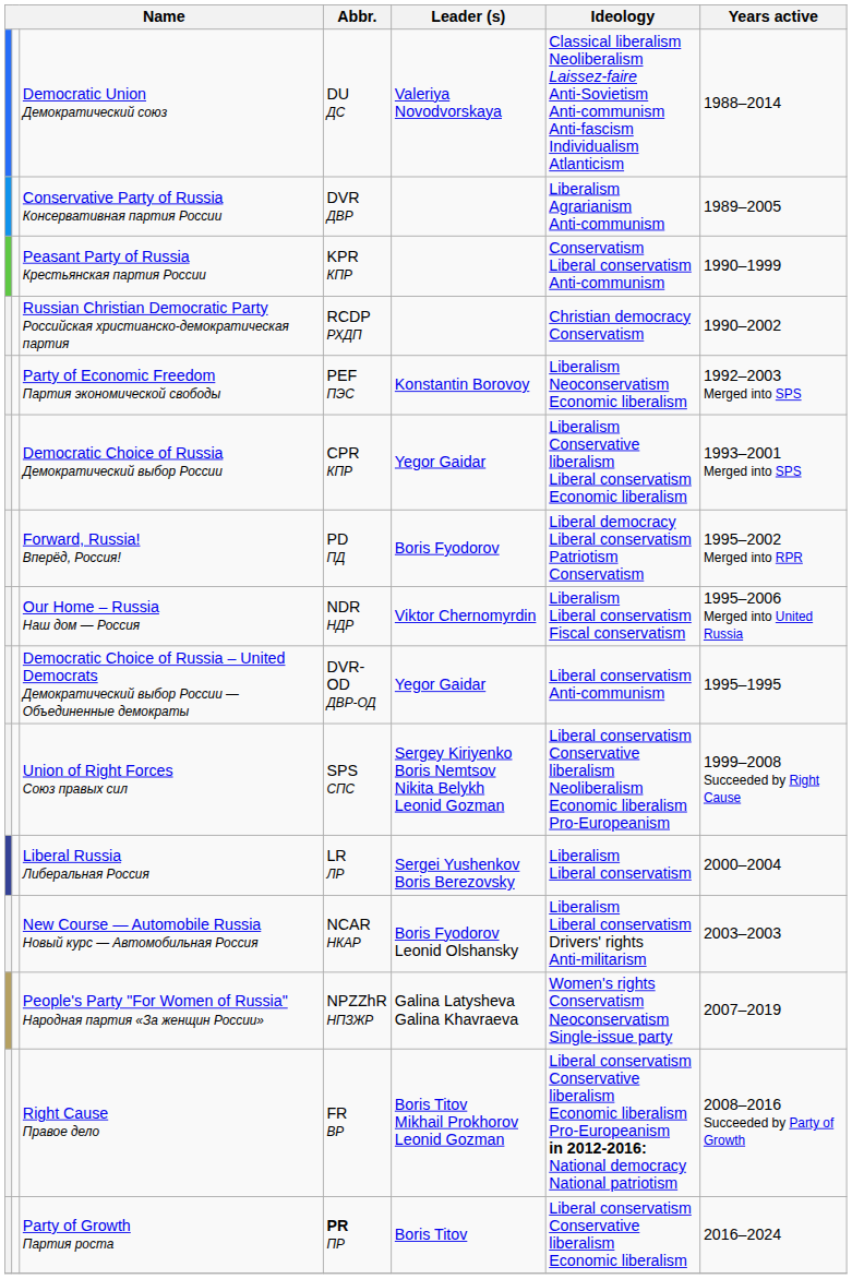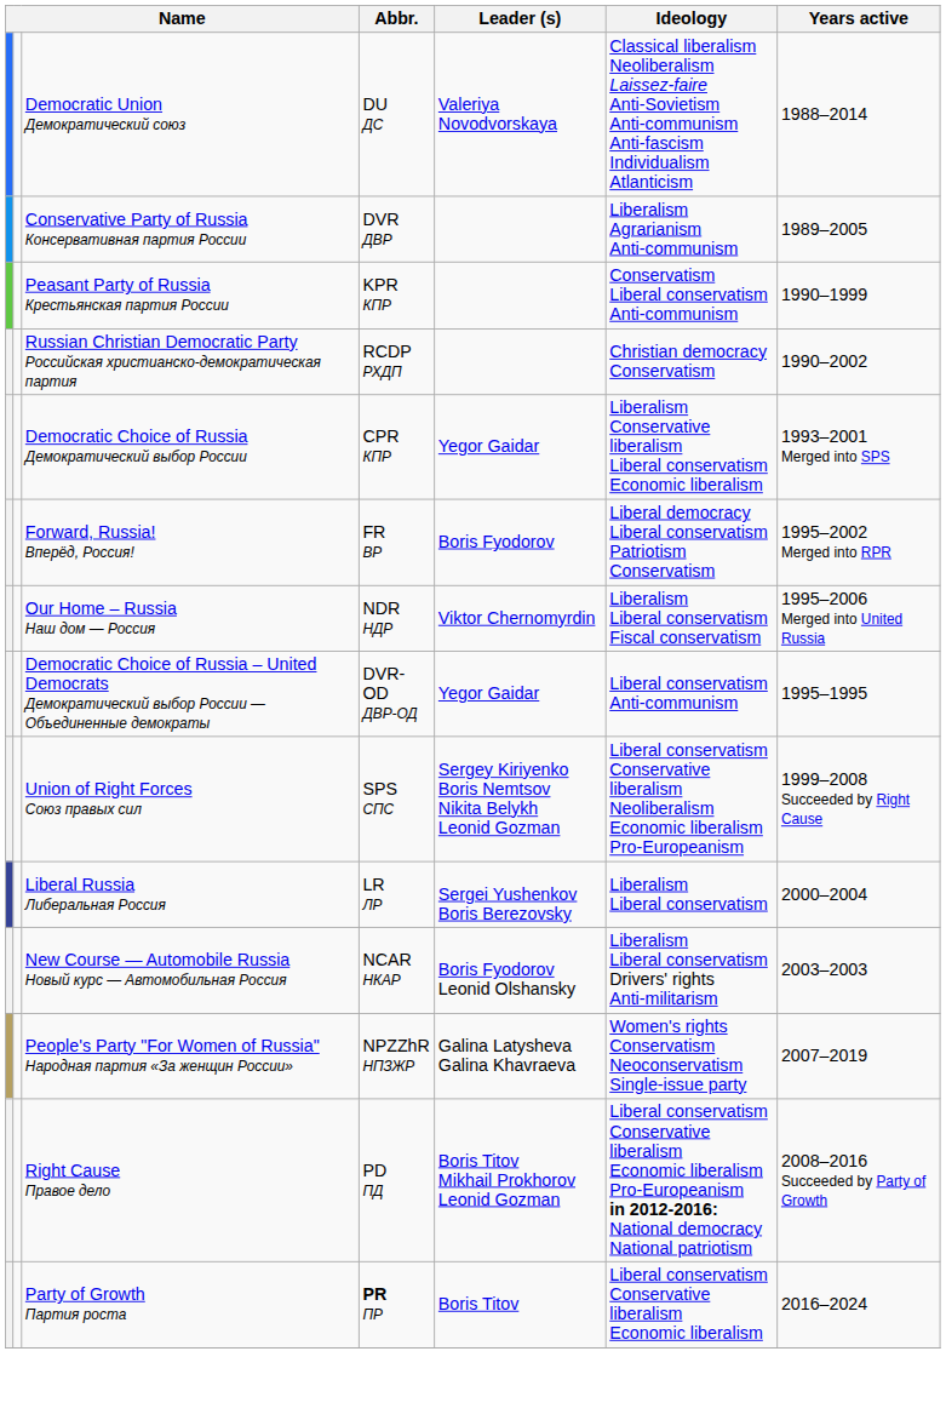 <table class="wikitable sortable">
 <tr>
 <th colspan=3>Name</th>
 <th>Abbr.</th>
 <th>Leader (s)</th>
 <th>Ideology</th>
 <th>Years active</th>
 </tr>
 <tr>
 <th style="background:#266DF8;"></th>
 <td></td>
 <td><a href='#'>Democratic Union</a><br><small><em>Демократический союз</em></small></td>
 <td>DU<br><small><em>ДС</em></small></td>
 <td><a href='#'>Valeriya Novodvorskaya</a></td>
 <td><a href='#'>Classical liberalism</a><br><a href='#'>Neoliberalism</a><br><em><a href='#'>Laissez-faire</a></em><br><a href='#'>Anti-Sovietism</a><br><a href='#'>Anti-communism</a><br><a href='#'>Anti-fascism</a><br><a href='#'>Individualism</a><br><a href='#'>Atlanticism</a></td>
 <td>1988–2014</td>
 </tr>
 <tr>
 <th style="background:#1093EC;"></th>
 <td></td>
 <td><a href='#'>Conservative Party of Russia</a><br><small><em>Консервативная партия России</em></small></td>
 <td>DVR<br><small><em>ДВР</em></small></td>
 <td></td>
 <td><a href='#'>Liberalism</a><br><a href='#'>Agrarianism</a><br><a href='#'>Anti-communism</a></td>
 <td>1989–2005</td>
 </tr>
 <tr>
 <th style="background:#5FC844;"></th>
 <td></td>
 <td><a href='#'>Peasant Party of Russia</a><br><small><em>Крестьянская партия России</em></small></td>
 <td>KPR<br><small><em>КПР</em></small></td>
 <td></td>
 <td><a href='#'>Conservatism</a><br><a href='#'>Liberal conservatism</a><br><a href='#'>Anti-communism</a></td>
 <td>1990–1999</td>
 </tr>
 <tr>
 <th style="background:"></th>
 <td></td>
 <td><a href='#'>Russian Christian Democratic Party</a><br><small><em>Российская христианско-демократическая партия</em></small></td>
 <td>RCDP<br><small><em>РХДП</em></small></td>
 <td></td>
 <td><a href='#'>Christian democracy</a><br><a href='#'>Conservatism</a></td>
 <td>1990–2002</td>
 </tr>
 <tr>
 <th style="background:"></th>
 <td></td>
-<td><a href='#'>Party of Economic Freedom</a><br><small><em>Партия экономической свободы</em></small></td>
-<td>PEF<br><small><em>ПЭС</em></small></td>
-<td><a href='#'>Konstantin Borovoy</a></td>
-<td><a href='#'>Liberalism</a><br><a href='#'>Neoconservatism</a><br><a href='#'>Economic liberalism</a></td>
-<td>1992–2003<br><small>Merged into <a href='#'>SPS</a></small></td>
-</tr>
-<tr>
-<th style="background:"></th>
-<td></td>
 <td><a href='#'>Democratic Choice of Russia</a><br><small><em>Демократический выбор России</em></small></td>
 <td>CPR<br><small><em>КПР</em></small></td>
 <td><a href='#'>Yegor Gaidar</a></td>
 <td><a href='#'>Liberalism</a><br><a href='#'>Conservative liberalism</a><br><a href='#'>Liberal conservatism</a><br><a href='#'>Economic liberalism</a></td>
 <td>1993–2001<br><small>Merged into <a href='#'>SPS</a></small></td>
 </tr>
 <tr>
 <th style="background:"></th>
 <td></td>
 <td><a href='#'>Forward, Russia!</a><br><small><em>Вперёд, Россия!</em></small></td>
-<td>PD<br><small><em>ПД</em></small></td>
+<td>FR<br><small><em>ВР</em></small></td>
 <td><a href='#'>Boris Fyodorov</a></td>
 <td><a href='#'>Liberal democracy</a><br><a href='#'>Liberal conservatism</a><br><a href='#'>Patriotism</a><br><a href='#'>Conservatism</a></td>
 <td>1995–2002<br><small>Merged into <a href='#'>RPR</a></small></td>
 </tr>
 <tr>
 <th style="background:"></th>
 <td></td>
 <td><a href='#'>Our Home – Russia</a><br><small><em>Наш дом — Россия</em></small></td>
 <td>NDR<br><small><em>НДР</em></small></td>
 <td><a href='#'>Viktor Chernomyrdin</a></td>
 <td><a href='#'>Liberalism</a><br><a href='#'>Liberal conservatism</a><br><a href='#'>Fiscal conservatism</a></td>
 <td>1995–2006<br><small>Merged into <a href='#'>United Russia</a></small></td>
 </tr>
 <tr>
 <th style="background:"></th>
 <td></td>
 <td><a href='#'>Democratic Choice of Russia – United Democrats</a><br><small><em>Демократический выбор России — Объединенные демократы</em></small></td>
 <td>DVR-OD<br><small><em>ДВР-ОД</em></small></td>
 <td><a href='#'>Yegor Gaidar</a></td>
 <td><a href='#'>Liberal conservatism</a><br><a href='#'>Anti-communism</a></td>
 <td>1995–1995</td>
 </tr>
 <tr>
 <th style="background:"></th>
 <td></td>
 <td><a href='#'>Union of Right Forces</a><br><small><em>Союз правых сил</em></small></td>
 <td>SPS<br><small><em>СПС</em></small></td>
 <td><a href='#'>Sergey Kiriyenko</a><br><a href='#'>Boris Nemtsov</a><br><a href='#'>Nikita Belykh</a><br><a href='#'>Leonid Gozman</a></td>
 <td><a href='#'>Liberal conservatism</a><br><a href='#'>Conservative liberalism</a><br><a href='#'>Neoliberalism</a><br><a href='#'>Economic liberalism</a><br><a href='#'>Pro-Europeanism</a></td>
 <td>1999–2008<br><small>Succeeded by <a href='#'>Right Cause</a></small></td>
 </tr>
 <tr>
 <th style="background:#354296;"></th>
 <td></td>
 <td><a href='#'>Liberal Russia</a><br><small><em>Либеральная Россия</em></small></td>
 <td>LR<br><small><em>ЛР</em></small></td>
 <td><br><a href='#'>Sergei Yushenkov</a><br><a href='#'>Boris Berezovsky</a></td>
 <td><a href='#'>Liberalism</a><br><a href='#'>Liberal conservatism</a></td>
 <td>2000–2004</td>
 </tr>
 <tr>
 <th style="background:"></th>
 <td></td>
 <td><a href='#'>New Course — Automobile Russia</a><br><small><em>Новый курс — Автомобильная Россия</em></small></td>
 <td>NCAR<br><small><em>НКАР</em></small></td>
 <td><br><a href='#'>Boris Fyodorov</a><br>Leonid Olshansky</td>
 <td><a href='#'>Liberalism</a><br><a href='#'>Liberal conservatism</a><br>Drivers' rights<br><a href='#'>Anti-militarism</a></td>
 <td>2003–2003</td>
 </tr>
 <tr>
 <th style="background:#B5A061;"></th>
 <td></td>
 <td><a href='#'>People's Party "For Women of Russia"</a><br><small><em>Народная партия «За женщин России»</em></small></td>
 <td>NPZZhR<br><small><em>НПЗЖР</em></small></td>
 <td>Galina Latysheva<br>Galina Khavraeva</td>
 <td><a href='#'>Women's rights</a><br><a href='#'>Conservatism</a><br><a href='#'>Neoconservatism</a><br><a href='#'>Single-issue party</a></td>
 <td>2007–2019</td>
 </tr>
 <tr>
 <th style="background:"></th>
 <td></td>
 <td><a href='#'>Right Cause</a><br><small><em>Правое дело</em></small></td>
-<td>FR<br><small><em>ВР</em></small></td>
+<td>PD<br><small><em>ПД</em></small></td>
 <td><a href='#'>Boris Titov</a><br><a href='#'>Mikhail Prokhorov</a><br><a href='#'>Leonid Gozman</a><br></td>
 <td><a href='#'>Liberal conservatism</a><br><a href='#'>Conservative liberalism</a><br><a href='#'>Economic liberalism</a><br><a href='#'>Pro-Europeanism</a><br><strong>in 2012-2016:</strong><br><a href='#'>National democracy</a><br><a href='#'>National patriotism</a></td>
 <td>2008–2016<br><small>Succeeded by <a href='#'>Party of Growth</a></small></td>
 </tr>
 <tr>
 <th style="background-color: "></th>
 <td></td>
 <td><a href='#'>Party of Growth</a><br><small><em>Партия роста</em></small></td>
 <td><strong>PR</strong><br><small><em>ПР</em></small></td>
 <td><a href='#'>Boris Titov</a></td>
 <td><a href='#'>Liberal conservatism</a><br><a href='#'>Conservative liberalism</a><br><a href='#'>Economic liberalism</a></td>
 <td>2016–2024</td>
 </tr>
 <tr>
 </tr>
 </table>
